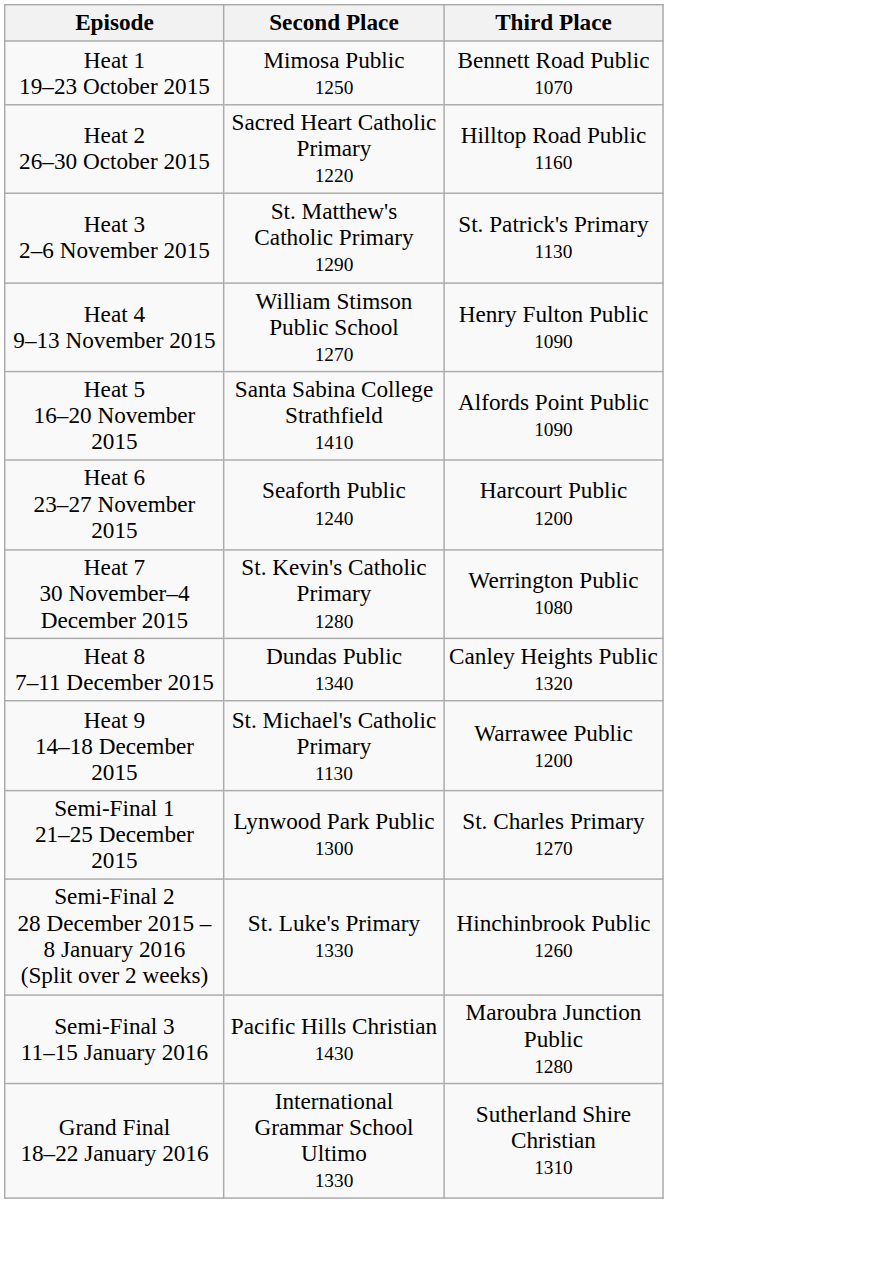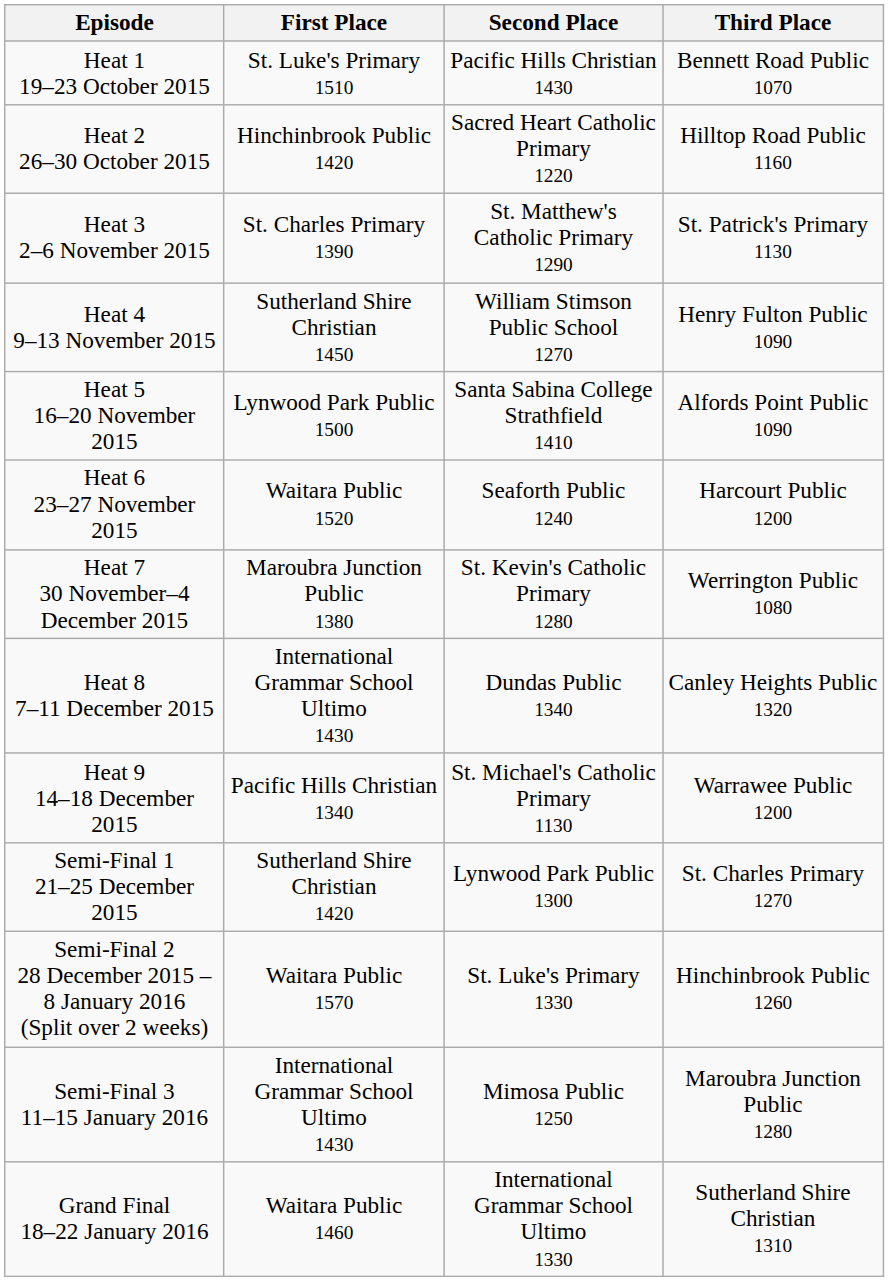 <table class="wikitable">
 <tr>
 <th width=144>Episode</th>
+<th width=144>First Place</th>
 <th width=144>Second Place</th>
 <th width=144>Third Place</th>
 </tr>
 <tr>
 <td align=center>Heat 1<br>19–23 October 2015</td>
-<td align=center>Mimosa Public<br><small>1250</small></td>
+<td align=center>St. Luke's Primary<br><small>1510</small></td>
+<td align=center>Pacific Hills Christian<br><small>1430</small></td>
 <td align=center>Bennett Road Public<br><small>1070</small></td>
 </tr>
 <tr>
 <td align=center>Heat 2<br>26–30 October 2015</td>
+<td align=center>Hinchinbrook Public<br><small>1420</small></td>
 <td align=center>Sacred Heart Catholic Primary<br><small>1220</small></td>
 <td align=center>Hilltop Road Public<br><small>1160</small></td>
 </tr>
 <tr>
 <td align=center>Heat 3<br>2–6 November 2015</td>
+<td align=center>St. Charles Primary<br><small>1390</small></td>
 <td align=center>St. Matthew's Catholic Primary<br><small>1290</small></td>
 <td align=center>St. Patrick's Primary<br><small>1130</small></td>
 </tr>
 <tr>
 <td align=center>Heat 4<br>9–13 November 2015</td>
+<td align=center>Sutherland Shire Christian<br><small>1450</small></td>
 <td align=center>William Stimson Public School<br><small>1270</small></td>
 <td align=center>Henry Fulton Public<br><small>1090</small></td>
 </tr>
 <tr>
 <td align=center>Heat 5<br>16–20 November 2015</td>
+<td align=center>Lynwood Park Public<br><small>1500</small></td>
 <td align=center>Santa Sabina College Strathfield<br><small>1410</small></td>
 <td align=center>Alfords Point Public<br><small>1090</small></td>
 </tr>
 <tr>
 <td align=center>Heat 6<br>23–27 November 2015</td>
+<td align=center>Waitara Public<br><small>1520</small></td>
 <td align=center>Seaforth Public<br><small>1240</small></td>
 <td align=center>Harcourt Public<br><small>1200</small></td>
 </tr>
 <tr>
 <td align=center>Heat 7<br>30 November–4 December 2015</td>
+<td align=center>Maroubra Junction Public<br><small>1380</small></td>
 <td align=center>St. Kevin's Catholic Primary<br><small>1280</small></td>
 <td align=center>Werrington Public<br><small>1080</small></td>
 </tr>
 <tr>
 <td align=center>Heat 8<br>7–11 December 2015</td>
+<td align=center>International Grammar School Ultimo<br><small>1430</small></td>
 <td align=center>Dundas Public<br><small>1340</small></td>
 <td align=center>Canley Heights Public<br><small>1320</small></td>
 </tr>
 <tr>
 <td align=center>Heat 9<br>14–18 December 2015</td>
+<td align=center>Pacific Hills Christian<br><small>1340</small></td>
 <td align=center>St. Michael's Catholic Primary<br><small>1130</small></td>
 <td align=center>Warrawee Public<br><small>1200</small></td>
 </tr>
 <tr>
 <td align=center>Semi-Final 1<br>21–25 December 2015</td>
+<td align=center>Sutherland Shire Christian<br><small>1420</small></td>
 <td align=center>Lynwood Park Public<br><small>1300</small></td>
 <td align=center>St. Charles Primary<br><small>1270</small></td>
 </tr>
 <tr>
 <td align=center>Semi-Final 2<br>28 December 2015 – 8 January 2016<br> (Split over 2 weeks)</td>
+<td align=center>Waitara Public<br><small>1570</small></td>
 <td align=center>St. Luke's Primary<br><small>1330</small></td>
 <td align=center>Hinchinbrook Public<br><small>1260</small></td>
 </tr>
 <tr>
 <td align=center>Semi-Final 3<br>11–15 January 2016</td>
-<td align=center>Pacific Hills Christian<br><small>1430</small></td>
+<td align=center>International Grammar School Ultimo<br><small>1430</small></td>
+<td align=center>Mimosa Public<br><small>1250</small></td>
 <td align=center>Maroubra Junction Public<br><small>1280</small></td>
 </tr>
 <tr>
 <td align=center>Grand Final<br>18–22 January 2016</td>
+<td align=center>Waitara Public<br><small>1460</small></td>
 <td align=center>International Grammar School Ultimo<br><small>1330</small></td>
 <td align=center>Sutherland Shire Christian<br><small>1310</small></td>
 </tr>
 </table>
